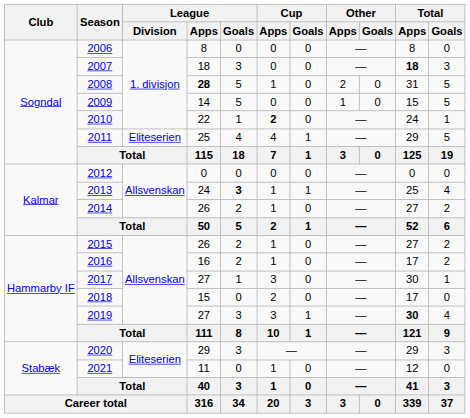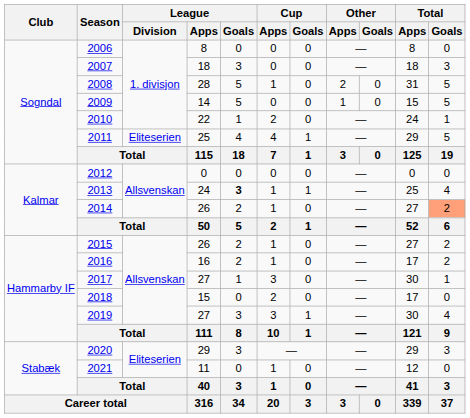 <table class="wikitable" style="text-align: center;">
 <tr>
 <th rowspan="2">Club</th>
 <th rowspan="2">Season</th>
 <th colspan="3">League</th>
 <th colspan="2">Cup</th>
 <th colspan="2">Other</th>
 <th colspan="2">Total</th>
 </tr>
 <tr>
 <th>Division</th>
 <th>Apps</th>
 <th>Goals</th>
 <th>Apps</th>
 <th>Goals</th>
 <th>Apps</th>
 <th>Goals</th>
 <th>Apps</th>
 <th>Goals</th>
 </tr>
 <tr>
 <td rowspan="7"><a href='#'>Sogndal</a></td>
 <td><a href='#'>2006</a></td>
 <td rowspan="5"><a href='#'>1. divisjon</a></td>
 <td>8</td>
 <td>0</td>
 <td>0</td>
 <td>0</td>
 <td colspan="2">—</td>
 <td>8</td>
 <td>0</td>
 </tr>
 <tr>
 <td><a href='#'>2007</a></td>
 <td>18</td>
 <td>3</td>
 <td>0</td>
 <td>0</td>
 <td colspan="2">—</td>
-<td><strong>18</strong></td>
+<td>18</td>
 <td>3</td>
 </tr>
 <tr>
 <td><a href='#'>2008</a></td>
-<td><strong>28</strong></td>
+<td>28</td>
 <td>5</td>
 <td>1</td>
 <td>0</td>
 <td>2</td>
 <td>0</td>
 <td>31</td>
 <td>5</td>
 </tr>
 <tr>
 <td><a href='#'>2009</a></td>
 <td>14</td>
 <td>5</td>
 <td>0</td>
 <td>0</td>
 <td>1</td>
 <td>0</td>
 <td>15</td>
 <td>5</td>
 </tr>
 <tr>
 <td><a href='#'>2010</a></td>
 <td>22</td>
 <td>1</td>
-<td><strong>2</strong></td>
+<td>2</td>
 <td>0</td>
 <td colspan="2">—</td>
 <td>24</td>
 <td>1</td>
 </tr>
 <tr>
 <td><a href='#'>2011</a></td>
 <td><a href='#'>Eliteserien</a></td>
 <td>25</td>
 <td>4</td>
 <td>4</td>
 <td>1</td>
 <td colspan="2">—</td>
 <td>29</td>
 <td>5</td>
 </tr>
 <tr>
 <th colspan="2">Total</th>
 <th>115</th>
 <th>18</th>
 <th>7</th>
 <th>1</th>
 <th>3</th>
 <th>0</th>
 <th>125</th>
 <th>19</th>
 </tr>
 <tr>
 <td rowspan="4"><a href='#'>Kalmar</a></td>
 <td><a href='#'>2012</a></td>
 <td rowspan="3"><a href='#'>Allsvenskan</a></td>
 <td>0</td>
 <td>0</td>
 <td>0</td>
 <td>0</td>
 <td colspan="2">—</td>
 <td>0</td>
 <td>0</td>
 </tr>
 <tr>
 <td><a href='#'>2013</a></td>
 <td>24</td>
 <td><strong>3</strong></td>
 <td>1</td>
 <td>1</td>
 <td colspan="2">—</td>
 <td>25</td>
 <td>4</td>
 </tr>
 <tr>
 <td><a href='#'>2014</a></td>
 <td>26</td>
 <td>2</td>
 <td>1</td>
 <td>0</td>
 <td colspan="2">—</td>
 <td>27</td>
-<td>2</td>
+<td style="background: lightsalmon;">2</td>
 </tr>
 <tr>
 <th colspan="2">Total</th>
 <th>50</th>
 <th>5</th>
 <th>2</th>
 <th>1</th>
 <th colspan="2">—</th>
 <th>52</th>
 <th>6</th>
 </tr>
 <tr>
 <td rowspan="6"><a href='#'>Hammarby IF</a></td>
 <td><a href='#'>2015</a></td>
 <td rowspan="5"><a href='#'>Allsvenskan</a></td>
 <td>26</td>
 <td>2</td>
 <td>1</td>
 <td>0</td>
 <td colspan="2">—</td>
 <td>27</td>
 <td>2</td>
 </tr>
 <tr>
 <td><a href='#'>2016</a></td>
 <td>16</td>
 <td>2</td>
 <td>1</td>
 <td>0</td>
 <td colspan="2">—</td>
 <td>17</td>
 <td>2</td>
 </tr>
 <tr>
 <td><a href='#'>2017</a></td>
 <td>27</td>
 <td>1</td>
 <td>3</td>
 <td>0</td>
 <td colspan="2">—</td>
 <td>30</td>
 <td>1</td>
 </tr>
 <tr>
 <td><a href='#'>2018</a></td>
 <td>15</td>
 <td>0</td>
 <td>2</td>
 <td>0</td>
 <td colspan="2">—</td>
 <td>17</td>
 <td>0</td>
 </tr>
 <tr>
 <td><a href='#'>2019</a></td>
 <td>27</td>
 <td>3</td>
 <td>3</td>
 <td>1</td>
 <td colspan="2">—</td>
-<td><strong>30</strong></td>
+<td>30</td>
 <td>4</td>
 </tr>
 <tr>
 <th colspan="2">Total</th>
 <th>111</th>
 <th>8</th>
 <th>10</th>
 <th>1</th>
 <th colspan="2">—</th>
 <th>121</th>
 <th>9</th>
 </tr>
 <tr>
 <td rowspan="3"><a href='#'>Stabæk</a></td>
 <td><a href='#'>2020</a></td>
 <td rowspan="2"><a href='#'>Eliteserien</a></td>
 <td>29</td>
 <td>3</td>
 <td colspan="2">—</td>
 <td colspan="2">—</td>
 <td>29</td>
 <td>3</td>
 </tr>
 <tr>
 <td><a href='#'>2021</a></td>
 <td>11</td>
 <td>0</td>
 <td>1</td>
 <td>0</td>
 <td colspan="2">—</td>
 <td>12</td>
 <td>0</td>
 </tr>
 <tr>
 <th colspan="2">Total</th>
 <th>40</th>
 <th>3</th>
 <th>1</th>
 <th>0</th>
 <th colspan="2">—</th>
 <th>41</th>
 <th>3</th>
 </tr>
 <tr>
 <th colspan="3">Career total</th>
 <th>316</th>
 <th>34</th>
 <th>20</th>
 <th>3</th>
 <th>3</th>
 <th>0</th>
 <th>339</th>
 <th>37</th>
 </tr>
 </table>
